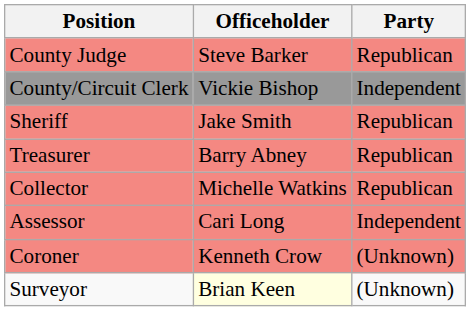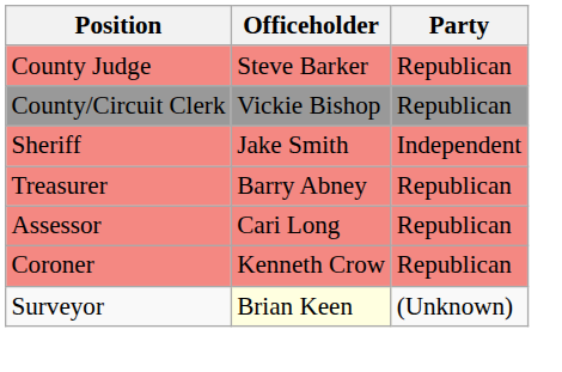 <table class="wikitable">
 <tr>
 <th>Position</th>
 <th>Officeholder</th>
 <th>Party</th>
 </tr>
 <tr style="background-color:#F48882;">
 <td>County Judge</td>
 <td>Steve Barker</td>
 <td>Republican</td>
 </tr>
 <tr style="background-color:#999999;">
 <td>County/Circuit Clerk</td>
 <td>Vickie Bishop</td>
-<td>Independent</td>
+<td>Republican</td>
 </tr>
 <tr style="background-color:#F48882;">
 <td>Sheriff</td>
 <td>Jake Smith</td>
-<td>Republican</td>
+<td>Independent</td>
 </tr>
 <tr style="background-color:#F48882;">
 <td>Treasurer</td>
 <td>Barry Abney</td>
 <td>Republican</td>
 </tr>
 <tr style="background-color:#F48882;">
-<td>Collector</td>
-<td>Michelle Watkins</td>
-<td>Republican</td>
-</tr>
-<tr style="background-color:#F48882;">
 <td>Assessor</td>
 <td>Cari Long</td>
-<td>Independent</td>
+<td>Republican</td>
 </tr>
 <tr style="background-color:#F48882;">
 <td>Coroner</td>
 <td>Kenneth Crow</td>
-<td>(Unknown)</td>
+<td>Republican</td>
 </tr>
 <tr>
 <td>Surveyor</td>
 <td style="background: lightyellow;">Brian Keen</td>
 <td>(Unknown)</td>
 </tr>
 </table>
